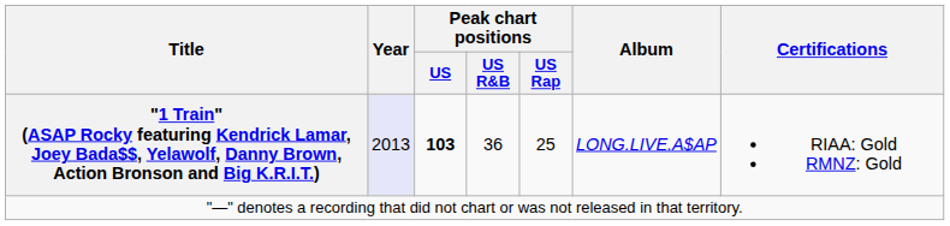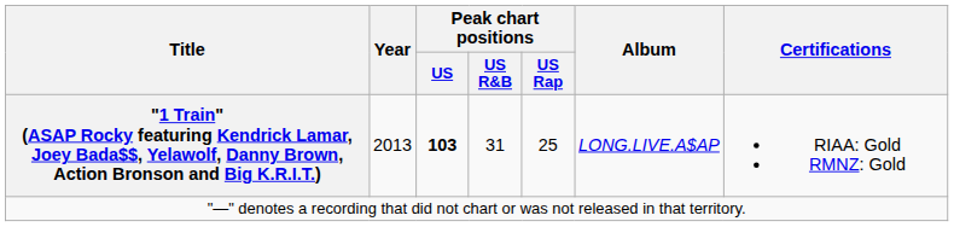 <table class="wikitable plainrowheaders" style="text-align:center;">
 <tr>
 <th scope="col" rowspan="2" style="width:22em;">Title</th>
 <th scope="col" rowspan="2">Year</th>
 <th scope="col" colspan="3">Peak chart positions</th>
 <th scope="col" rowspan="2">Album</th>
 <th scope="col" rowspan="2" style="width:13em;"><a href='#'>Certifications</a></th>
 </tr>
 <tr>
 <th scope="col" style="width:3em;font-size:90%;"><a href='#'>US</a><br></th>
 <th scope="col" style="width:3em;font-size:90%;"><a href='#'>US R&B</a><br></th>
 <th scope="col" style="width:3em;font-size:90%;"><a href='#'>US Rap</a><br></th>
 </tr>
 <tr>
 <th scope="row">"<a href='#'>1 Train</a>"<br><span>(<a href='#'>ASAP Rocky</a> featuring <a href='#'>Kendrick Lamar</a>, <a href='#'>Joey Bada$$</a>, <a href='#'>Yelawolf</a>, <a href='#'>Danny Brown</a>, Action Bronson and <a href='#'>Big K.R.I.T.</a>)</span></th>
-<td style="background: lavender;">2013</td>
+<td>2013</td>
 <td><strong>103</strong></td>
-<td>36</td>
+<td>31</td>
 <td>25</td>
 <td><em><a href='#'>LONG.LIVE.A$AP</a></em></td>
 <td><br><ul><li>RIAA: Gold</li><li><a href='#'>RMNZ</a>: Gold</li></ul></td>
 </tr>
 <tr>
 <td colspan="7" style="font-size:90%">"—" denotes a recording that did not chart or was not released in that territory.</td>
 </tr>
 </table>
